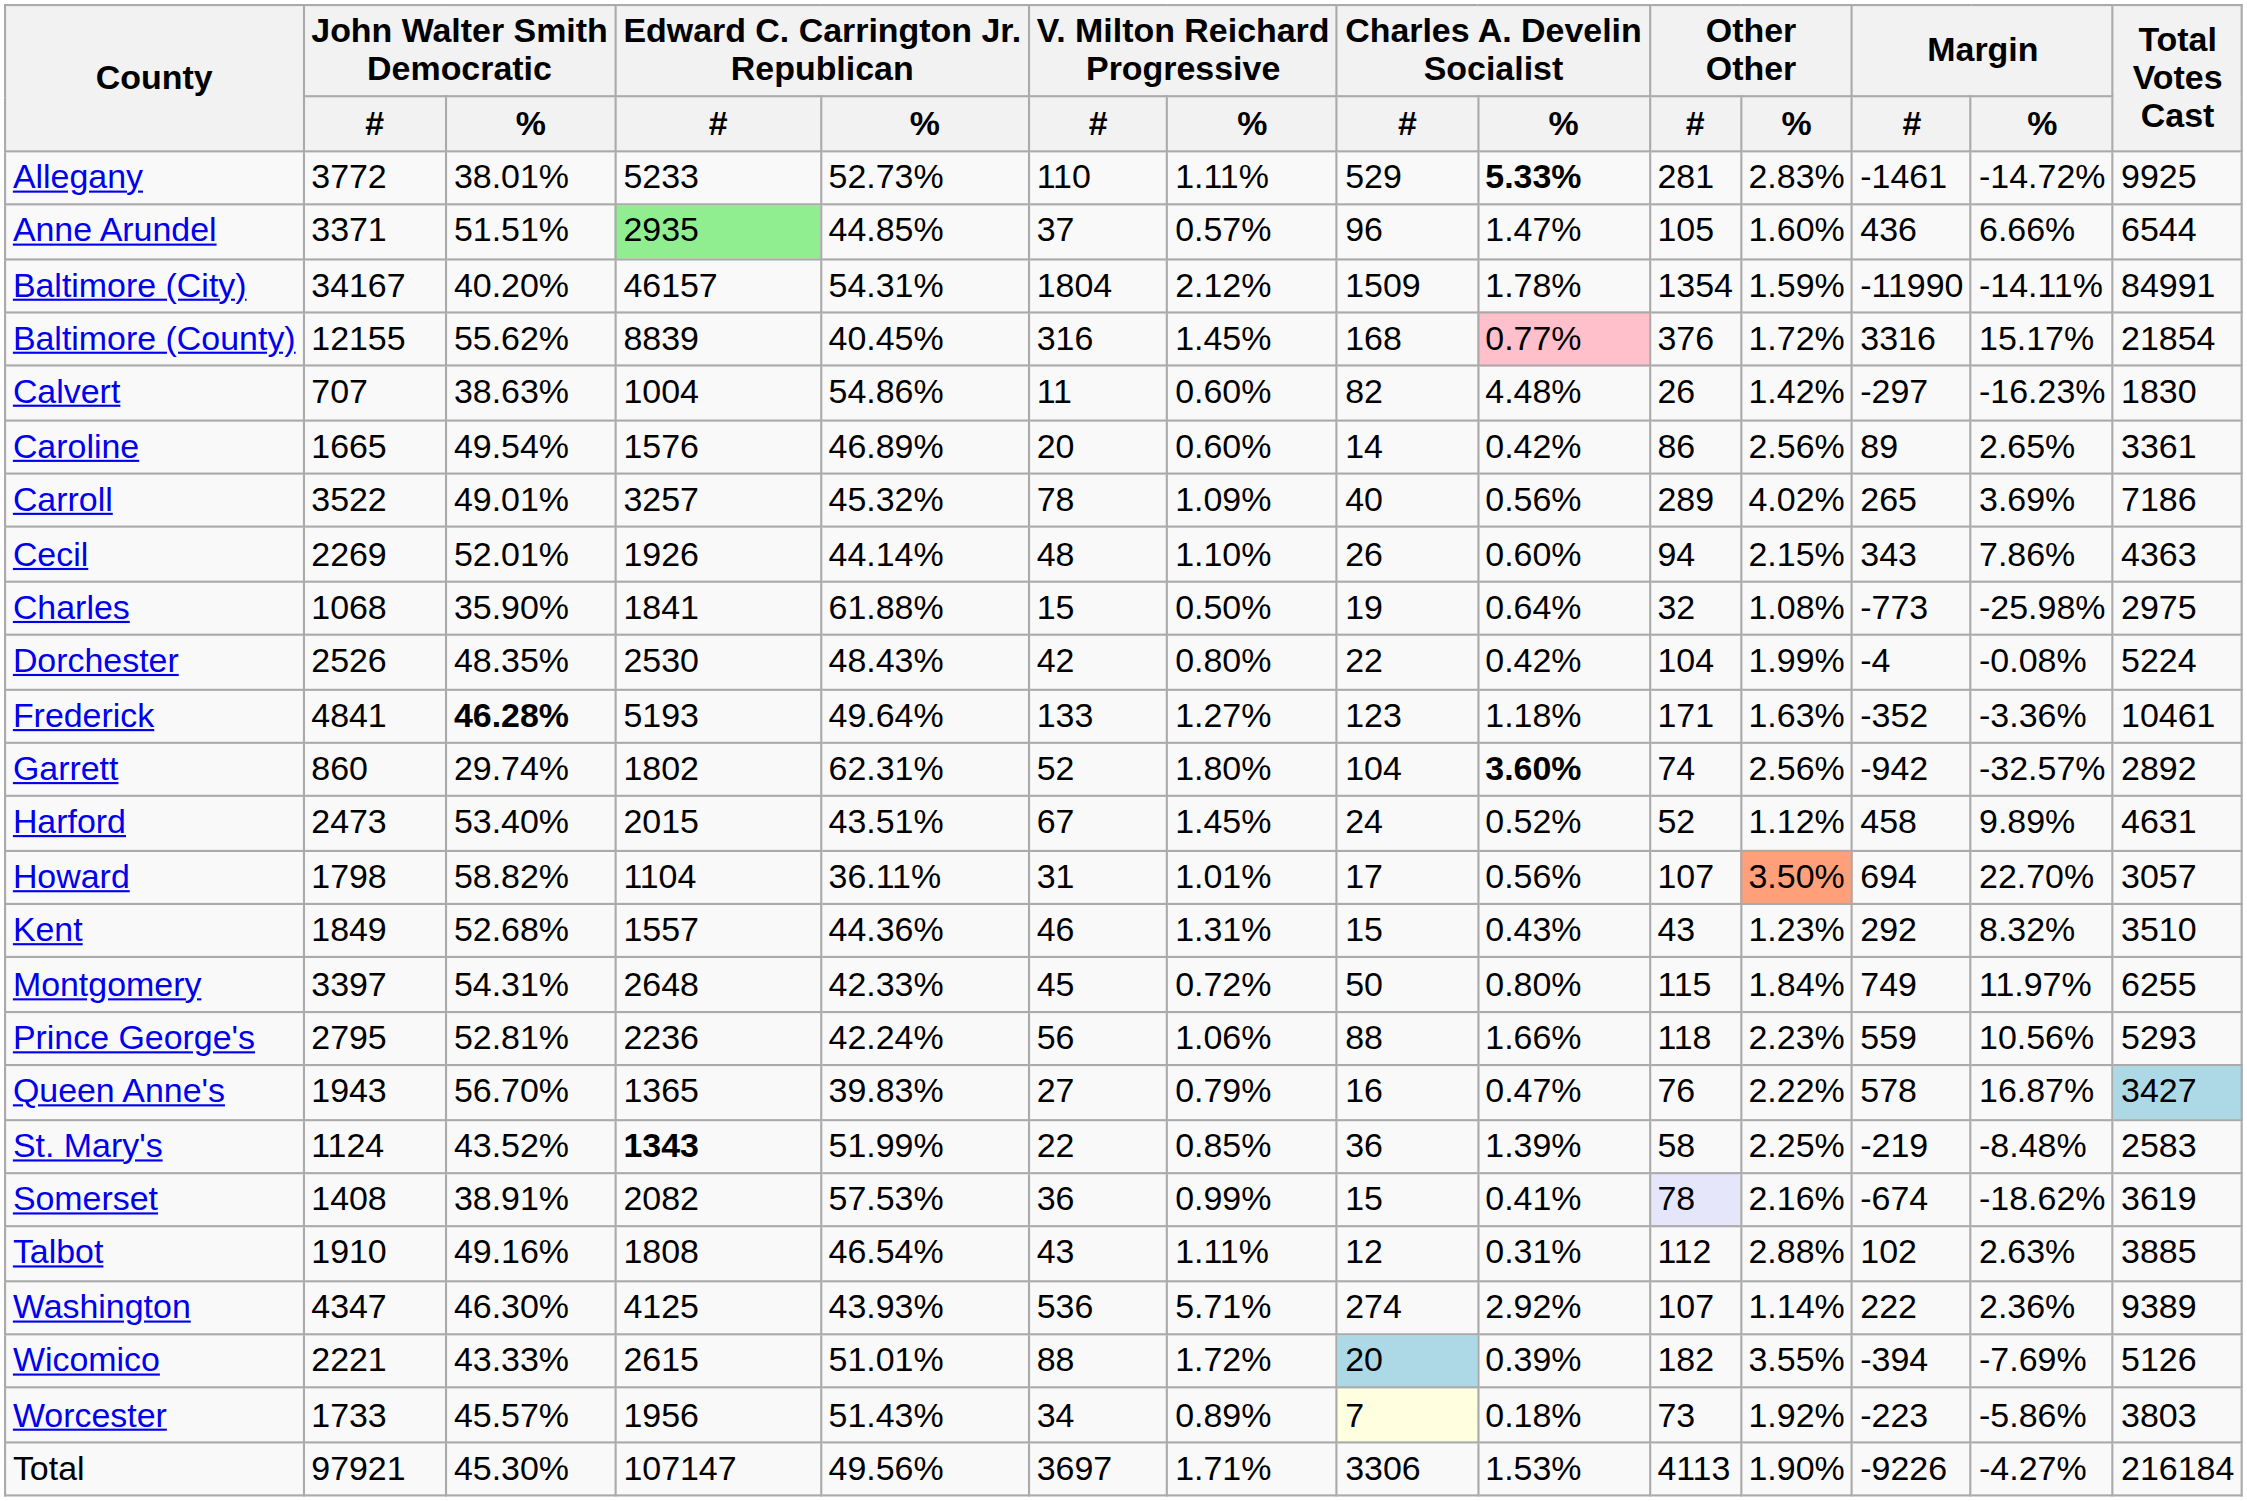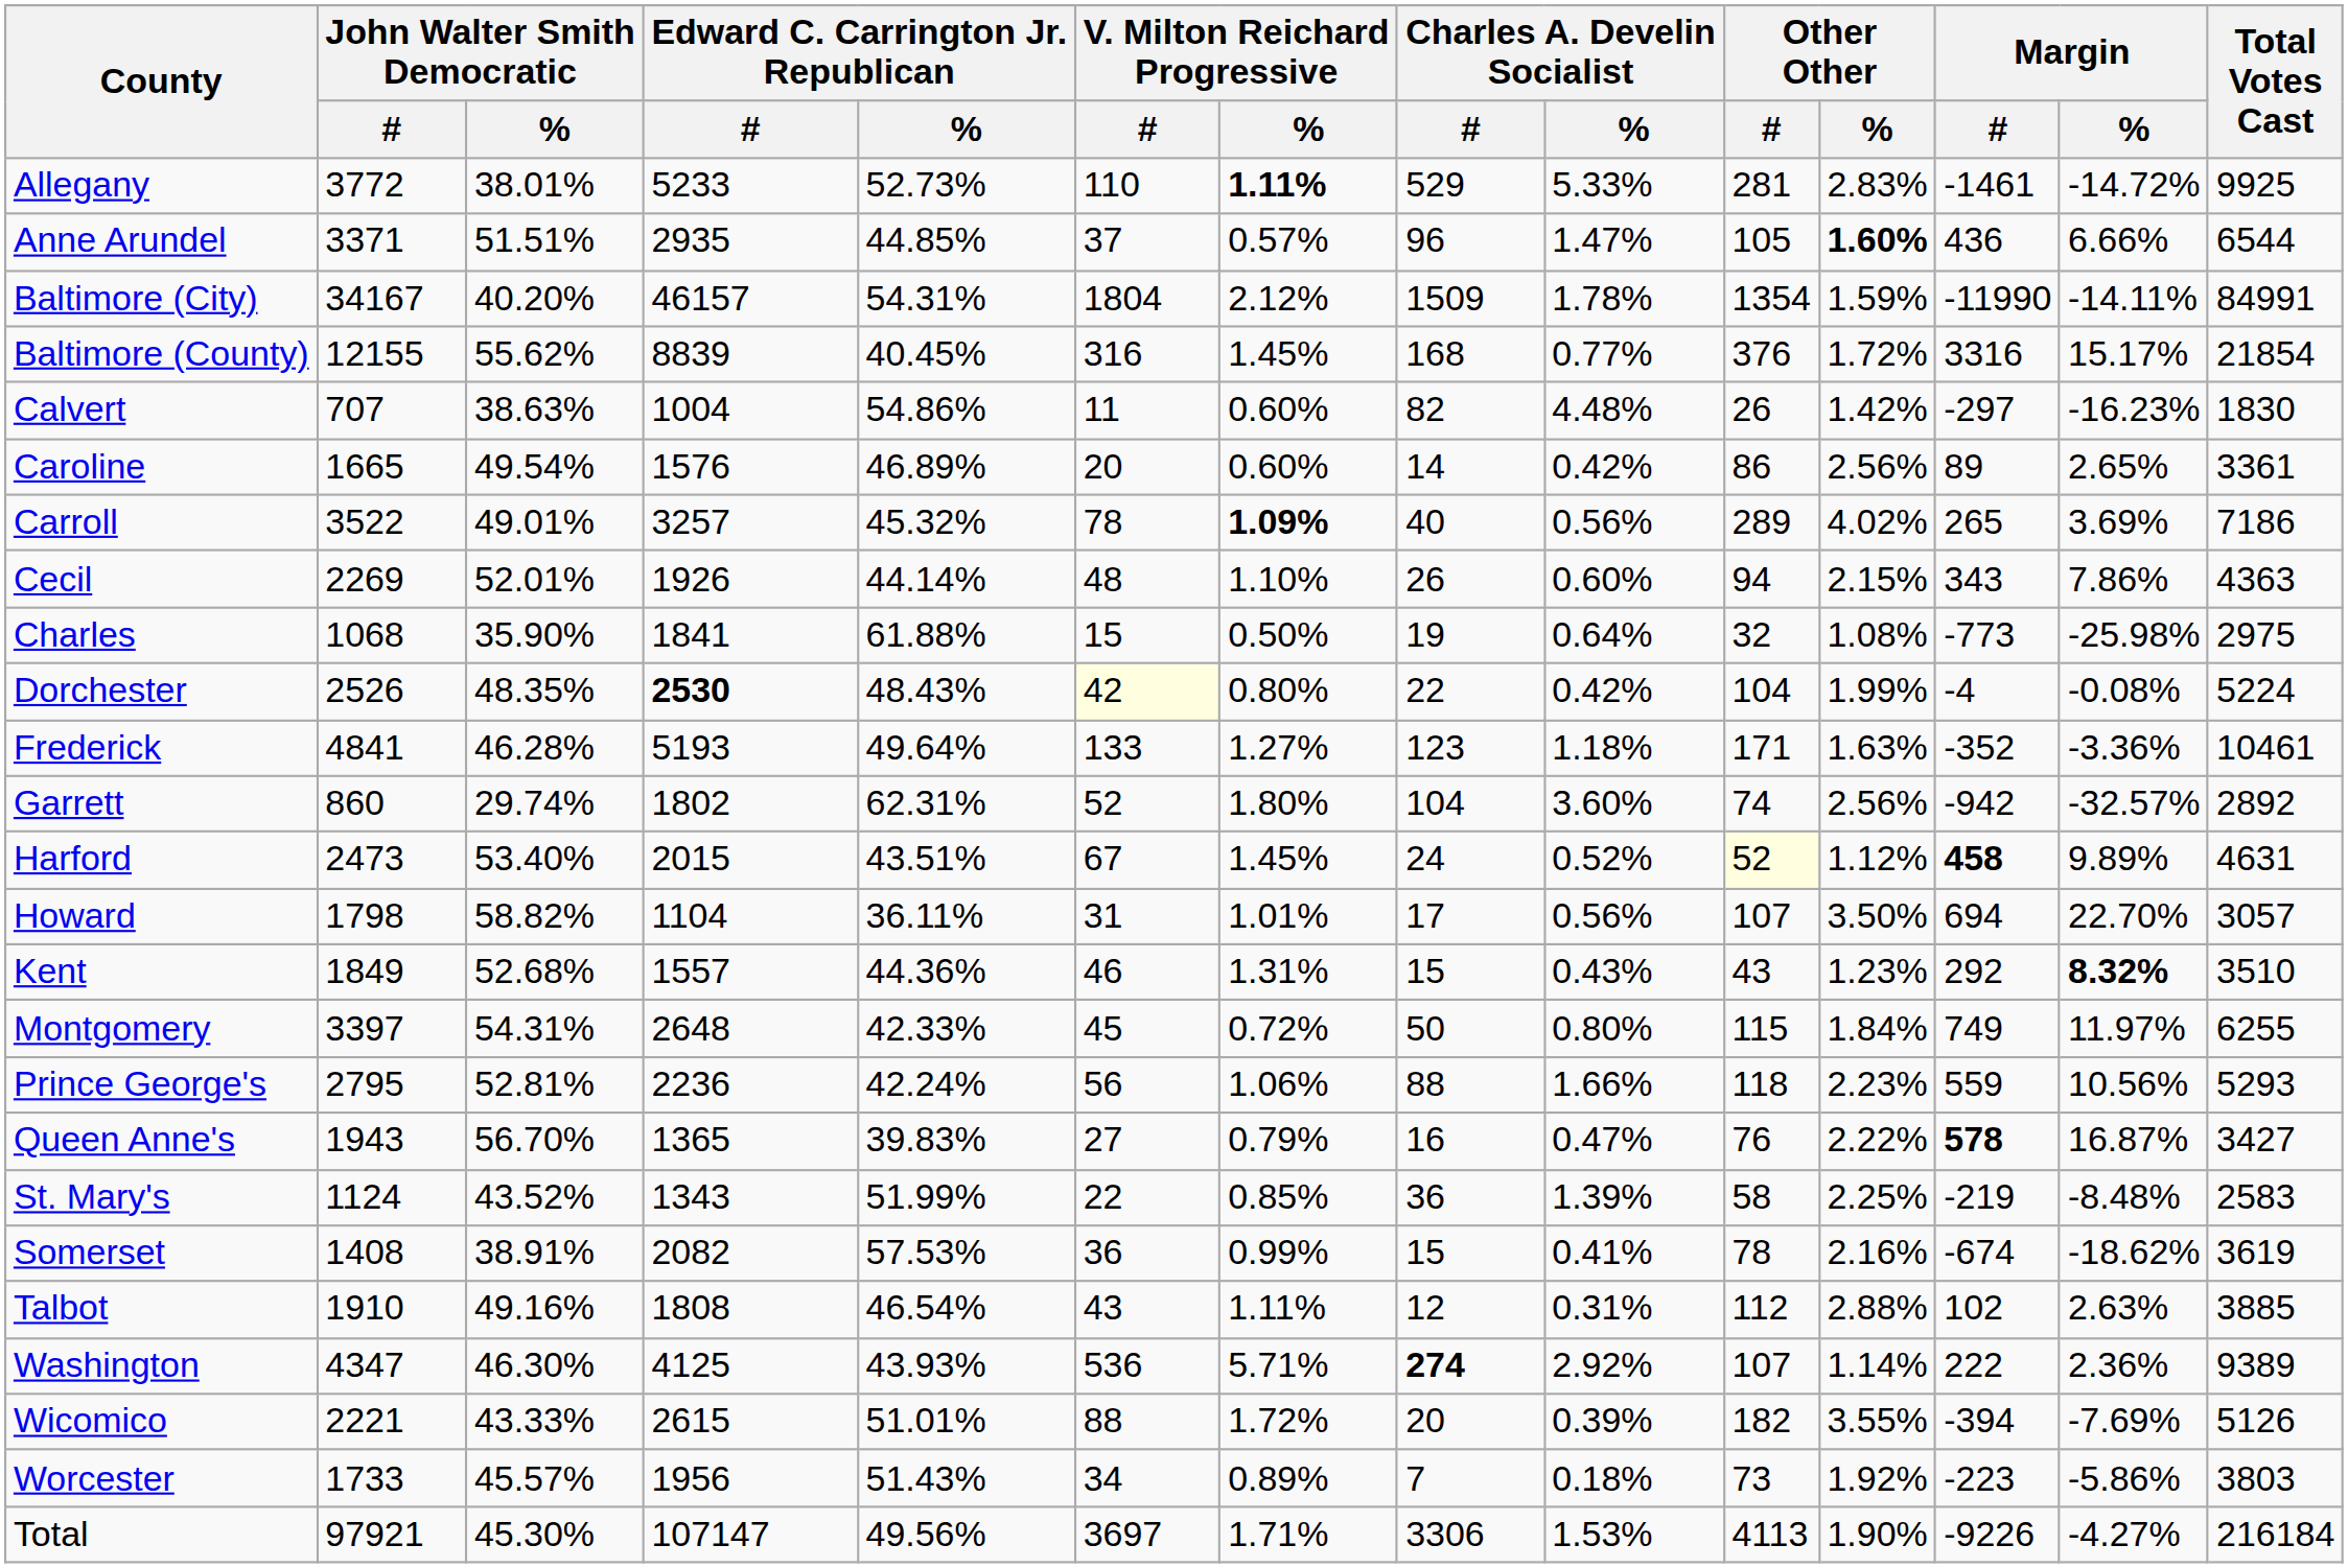 <table class="wikitable sortable">
 <tr>
 <th rowspan="2">County</th>
 <th colspan="2" >John Walter Smith<br>Democratic</th>
 <th colspan="2" >Edward C. Carrington Jr.<br>Republican</th>
 <th colspan="2" >V. Milton Reichard<br>Progressive</th>
 <th colspan="2" >Charles A. Develin<br>Socialist</th>
 <th colspan="2" >Other<br>Other</th>
 <th colspan="2">Margin</th>
 <th rowspan="2">Total<br>Votes<br>Cast</th>
 </tr>
 <tr>
 <th>#</th>
 <th>%</th>
 <th>#</th>
 <th>%</th>
 <th>#</th>
 <th>%</th>
 <th>#</th>
 <th>%</th>
 <th>#</th>
 <th>%</th>
 <th>#</th>
 <th>%</th>
 </tr>
 <tr>
 <td><a href='#'>Allegany</a></td>
 <td>3772</td>
 <td>38.01%</td>
 <td>5233</td>
 <td>52.73%</td>
 <td>110</td>
-<td>1.11%</td>
+<td><strong>1.11%</strong></td>
 <td>529</td>
-<td><strong>5.33%</strong></td>
+<td>5.33%</td>
 <td>281</td>
 <td>2.83%</td>
 <td>-1461</td>
 <td>-14.72%</td>
 <td>9925</td>
 </tr>
 <tr>
 <td><a href='#'>Anne Arundel</a></td>
 <td>3371</td>
 <td>51.51%</td>
-<td style="background: lightgreen;">2935</td>
+<td>2935</td>
 <td>44.85%</td>
 <td>37</td>
 <td>0.57%</td>
 <td>96</td>
 <td>1.47%</td>
 <td>105</td>
-<td>1.60%</td>
+<td><strong>1.60%</strong></td>
 <td>436</td>
 <td>6.66%</td>
 <td>6544</td>
 </tr>
 <tr>
 <td><a href='#'>Baltimore (City)</a></td>
 <td>34167</td>
 <td>40.20%</td>
 <td>46157</td>
 <td>54.31%</td>
 <td>1804</td>
 <td>2.12%</td>
 <td>1509</td>
 <td>1.78%</td>
 <td>1354</td>
 <td>1.59%</td>
 <td>-11990</td>
 <td>-14.11%</td>
 <td>84991</td>
 </tr>
 <tr>
 <td><a href='#'>Baltimore (County)</a></td>
 <td>12155</td>
 <td>55.62%</td>
 <td>8839</td>
 <td>40.45%</td>
 <td>316</td>
 <td>1.45%</td>
 <td>168</td>
-<td style="background: pink;">0.77%</td>
+<td>0.77%</td>
 <td>376</td>
 <td>1.72%</td>
 <td>3316</td>
 <td>15.17%</td>
 <td>21854</td>
 </tr>
 <tr>
 <td><a href='#'>Calvert</a></td>
 <td>707</td>
 <td>38.63%</td>
 <td>1004</td>
 <td>54.86%</td>
 <td>11</td>
 <td>0.60%</td>
 <td>82</td>
 <td>4.48%</td>
 <td>26</td>
 <td>1.42%</td>
 <td>-297</td>
 <td>-16.23%</td>
 <td>1830</td>
 </tr>
 <tr>
 <td><a href='#'>Caroline</a></td>
 <td>1665</td>
 <td>49.54%</td>
 <td>1576</td>
 <td>46.89%</td>
 <td>20</td>
 <td>0.60%</td>
 <td>14</td>
 <td>0.42%</td>
 <td>86</td>
 <td>2.56%</td>
 <td>89</td>
 <td>2.65%</td>
 <td>3361</td>
 </tr>
 <tr>
 <td><a href='#'>Carroll</a></td>
 <td>3522</td>
 <td>49.01%</td>
 <td>3257</td>
 <td>45.32%</td>
 <td>78</td>
-<td>1.09%</td>
+<td><strong>1.09%</strong></td>
 <td>40</td>
 <td>0.56%</td>
 <td>289</td>
 <td>4.02%</td>
 <td>265</td>
 <td>3.69%</td>
 <td>7186</td>
 </tr>
 <tr>
 <td><a href='#'>Cecil</a></td>
 <td>2269</td>
 <td>52.01%</td>
 <td>1926</td>
 <td>44.14%</td>
 <td>48</td>
 <td>1.10%</td>
 <td>26</td>
 <td>0.60%</td>
 <td>94</td>
 <td>2.15%</td>
 <td>343</td>
 <td>7.86%</td>
 <td>4363</td>
 </tr>
 <tr>
 <td><a href='#'>Charles</a></td>
 <td>1068</td>
 <td>35.90%</td>
 <td>1841</td>
 <td>61.88%</td>
 <td>15</td>
 <td>0.50%</td>
 <td>19</td>
 <td>0.64%</td>
 <td>32</td>
 <td>1.08%</td>
 <td>-773</td>
 <td>-25.98%</td>
 <td>2975</td>
 </tr>
 <tr>
 <td><a href='#'>Dorchester</a></td>
 <td>2526</td>
 <td>48.35%</td>
-<td>2530</td>
+<td><strong>2530</strong></td>
 <td>48.43%</td>
-<td>42</td>
+<td style="background: lightyellow;">42</td>
 <td>0.80%</td>
 <td>22</td>
 <td>0.42%</td>
 <td>104</td>
 <td>1.99%</td>
 <td>-4</td>
 <td>-0.08%</td>
 <td>5224</td>
 </tr>
 <tr>
 <td><a href='#'>Frederick</a></td>
 <td>4841</td>
-<td><strong>46.28%</strong></td>
+<td>46.28%</td>
 <td>5193</td>
 <td>49.64%</td>
 <td>133</td>
 <td>1.27%</td>
 <td>123</td>
 <td>1.18%</td>
 <td>171</td>
 <td>1.63%</td>
 <td>-352</td>
 <td>-3.36%</td>
 <td>10461</td>
 </tr>
 <tr>
 <td><a href='#'>Garrett</a></td>
 <td>860</td>
 <td>29.74%</td>
 <td>1802</td>
 <td>62.31%</td>
 <td>52</td>
 <td>1.80%</td>
 <td>104</td>
-<td><strong>3.60%</strong></td>
+<td>3.60%</td>
 <td>74</td>
 <td>2.56%</td>
 <td>-942</td>
 <td>-32.57%</td>
 <td>2892</td>
 </tr>
 <tr>
 <td><a href='#'>Harford</a></td>
 <td>2473</td>
 <td>53.40%</td>
 <td>2015</td>
 <td>43.51%</td>
 <td>67</td>
 <td>1.45%</td>
 <td>24</td>
 <td>0.52%</td>
-<td>52</td>
+<td style="background: lightyellow;">52</td>
 <td>1.12%</td>
-<td>458</td>
+<td><strong>458</strong></td>
 <td>9.89%</td>
 <td>4631</td>
 </tr>
 <tr>
 <td><a href='#'>Howard</a></td>
 <td>1798</td>
 <td>58.82%</td>
 <td>1104</td>
 <td>36.11%</td>
 <td>31</td>
 <td>1.01%</td>
 <td>17</td>
 <td>0.56%</td>
 <td>107</td>
-<td style="background: lightsalmon;">3.50%</td>
+<td>3.50%</td>
 <td>694</td>
 <td>22.70%</td>
 <td>3057</td>
 </tr>
 <tr>
 <td><a href='#'>Kent</a></td>
 <td>1849</td>
 <td>52.68%</td>
 <td>1557</td>
 <td>44.36%</td>
 <td>46</td>
 <td>1.31%</td>
 <td>15</td>
 <td>0.43%</td>
 <td>43</td>
 <td>1.23%</td>
 <td>292</td>
-<td>8.32%</td>
+<td><strong>8.32%</strong></td>
 <td>3510</td>
 </tr>
 <tr>
 <td><a href='#'>Montgomery</a></td>
 <td>3397</td>
 <td>54.31%</td>
 <td>2648</td>
 <td>42.33%</td>
 <td>45</td>
 <td>0.72%</td>
 <td>50</td>
 <td>0.80%</td>
 <td>115</td>
 <td>1.84%</td>
 <td>749</td>
 <td>11.97%</td>
 <td>6255</td>
 </tr>
 <tr>
 <td><a href='#'>Prince George's</a></td>
 <td>2795</td>
 <td>52.81%</td>
 <td>2236</td>
 <td>42.24%</td>
 <td>56</td>
 <td>1.06%</td>
 <td>88</td>
 <td>1.66%</td>
 <td>118</td>
 <td>2.23%</td>
 <td>559</td>
 <td>10.56%</td>
 <td>5293</td>
 </tr>
 <tr>
 <td><a href='#'>Queen Anne's</a></td>
 <td>1943</td>
 <td>56.70%</td>
 <td>1365</td>
 <td>39.83%</td>
 <td>27</td>
 <td>0.79%</td>
 <td>16</td>
 <td>0.47%</td>
 <td>76</td>
 <td>2.22%</td>
-<td>578</td>
+<td><strong>578</strong></td>
 <td>16.87%</td>
-<td style="background: lightblue;">3427</td>
+<td>3427</td>
 </tr>
 <tr>
 <td><a href='#'>St. Mary's</a></td>
 <td>1124</td>
 <td>43.52%</td>
-<td><strong>1343</strong></td>
+<td>1343</td>
 <td>51.99%</td>
 <td>22</td>
 <td>0.85%</td>
 <td>36</td>
 <td>1.39%</td>
 <td>58</td>
 <td>2.25%</td>
 <td>-219</td>
 <td>-8.48%</td>
 <td>2583</td>
 </tr>
 <tr>
 <td><a href='#'>Somerset</a></td>
 <td>1408</td>
 <td>38.91%</td>
 <td>2082</td>
 <td>57.53%</td>
 <td>36</td>
 <td>0.99%</td>
 <td>15</td>
 <td>0.41%</td>
-<td style="background: lavender;">78</td>
+<td>78</td>
 <td>2.16%</td>
 <td>-674</td>
 <td>-18.62%</td>
 <td>3619</td>
 </tr>
 <tr>
 <td><a href='#'>Talbot</a></td>
 <td>1910</td>
 <td>49.16%</td>
 <td>1808</td>
 <td>46.54%</td>
 <td>43</td>
 <td>1.11%</td>
 <td>12</td>
 <td>0.31%</td>
 <td>112</td>
 <td>2.88%</td>
 <td>102</td>
 <td>2.63%</td>
 <td>3885</td>
 </tr>
 <tr>
 <td><a href='#'>Washington</a></td>
 <td>4347</td>
 <td>46.30%</td>
 <td>4125</td>
 <td>43.93%</td>
 <td>536</td>
 <td>5.71%</td>
-<td>274</td>
+<td><strong>274</strong></td>
 <td>2.92%</td>
 <td>107</td>
 <td>1.14%</td>
 <td>222</td>
 <td>2.36%</td>
 <td>9389</td>
 </tr>
 <tr>
 <td><a href='#'>Wicomico</a></td>
 <td>2221</td>
 <td>43.33%</td>
 <td>2615</td>
 <td>51.01%</td>
 <td>88</td>
 <td>1.72%</td>
-<td style="background: lightblue;">20</td>
+<td>20</td>
 <td>0.39%</td>
 <td>182</td>
 <td>3.55%</td>
 <td>-394</td>
 <td>-7.69%</td>
 <td>5126</td>
 </tr>
 <tr>
 <td><a href='#'>Worcester</a></td>
 <td>1733</td>
 <td>45.57%</td>
 <td>1956</td>
 <td>51.43%</td>
 <td>34</td>
 <td>0.89%</td>
-<td style="background: lightyellow;">7</td>
+<td>7</td>
 <td>0.18%</td>
 <td>73</td>
 <td>1.92%</td>
 <td>-223</td>
 <td>-5.86%</td>
 <td>3803</td>
 </tr>
 <tr>
 <td>Total</td>
 <td>97921</td>
 <td>45.30%</td>
 <td>107147</td>
 <td>49.56%</td>
 <td>3697</td>
 <td>1.71%</td>
 <td>3306</td>
 <td>1.53%</td>
 <td>4113</td>
 <td>1.90%</td>
 <td>-9226</td>
 <td>-4.27%</td>
 <td>216184</td>
 </tr>
 </table>
